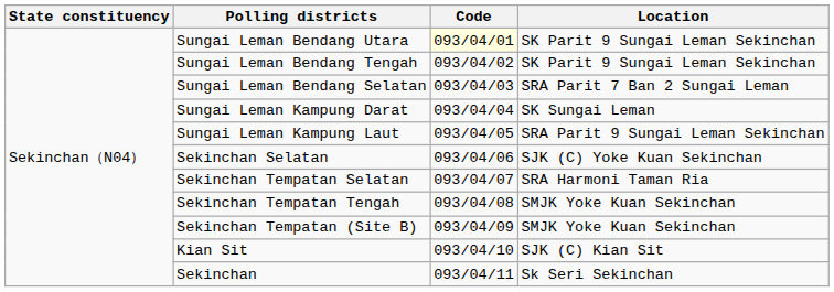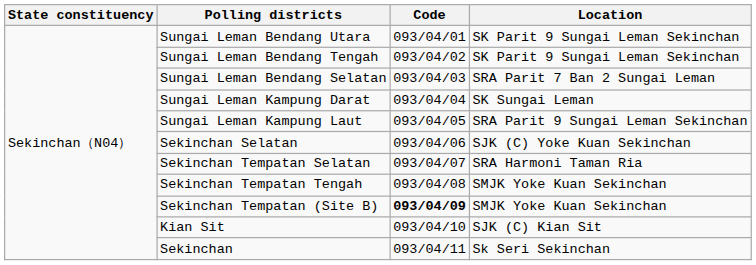 <table class="wikitable sortable mw-collapsible" style="white-space:nowrap;font-size:85%">
 <tr>
 <th>State constituency</th>
 <th>Polling districts</th>
 <th>Code</th>
 <th>Location</th>
 </tr>
 <tr>
 <td rowspan="11">Sekinchan（N04）</td>
 <td>Sungai Leman Bendang Utara</td>
-<td style="background: lightyellow;">093/04/01</td>
+<td>093/04/01</td>
 <td>SK Parit 9 Sungai Leman Sekinchan</td>
 </tr>
 <tr>
 <td>Sungai Leman Bendang Tengah</td>
 <td>093/04/02</td>
 <td>SK Parit 9 Sungai Leman Sekinchan</td>
 </tr>
 <tr>
 <td>Sungai Leman Bendang Selatan</td>
 <td>093/04/03</td>
 <td>SRA Parit 7 Ban 2 Sungai Leman</td>
 </tr>
 <tr>
 <td>Sungai Leman Kampung Darat</td>
 <td>093/04/04</td>
 <td>SK Sungai Leman</td>
 </tr>
 <tr>
 <td>Sungai Leman Kampung Laut</td>
 <td>093/04/05</td>
 <td>SRA Parit 9 Sungai Leman Sekinchan</td>
 </tr>
 <tr>
 <td>Sekinchan Selatan</td>
 <td>093/04/06</td>
 <td>SJK (C) Yoke Kuan Sekinchan</td>
 </tr>
 <tr>
 <td>Sekinchan Tempatan Selatan</td>
 <td>093/04/07</td>
 <td>SRA Harmoni Taman Ria</td>
 </tr>
 <tr>
 <td>Sekinchan Tempatan Tengah</td>
 <td>093/04/08</td>
 <td>SMJK Yoke Kuan Sekinchan</td>
 </tr>
 <tr>
 <td>Sekinchan Tempatan (Site B)</td>
-<td>093/04/09</td>
+<td><strong>093/04/09</strong></td>
 <td>SMJK Yoke Kuan Sekinchan</td>
 </tr>
 <tr>
 <td>Kian Sit</td>
 <td>093/04/10</td>
 <td>SJK (C) Kian Sit</td>
 </tr>
 <tr>
 <td>Sekinchan</td>
 <td>093/04/11</td>
 <td>Sk Seri Sekinchan</td>
 </tr>
 </table>
